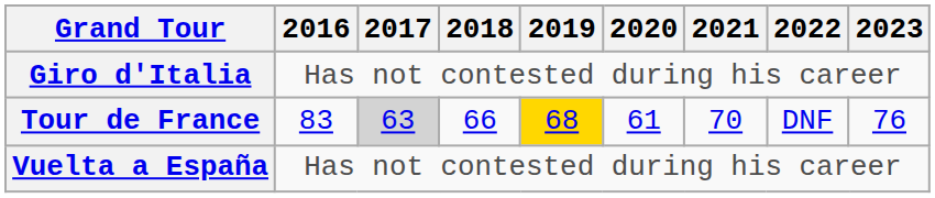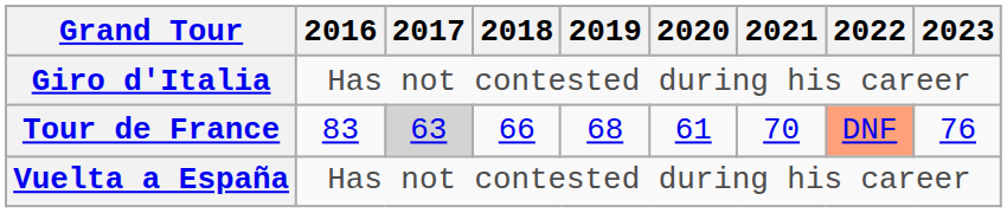 <table class="wikitable plainrowheaders">
 <tr>
 <th scope="col"><a href='#'>Grand Tour</a></th>
 <th scope="col">2016</th>
 <th scope="col">2017</th>
 <th scope="col">2018</th>
 <th scope="col">2019</th>
 <th scope="col">2020</th>
 <th scope="col">2021</th>
 <th scope="col">2022</th>
 <th scope="col">2023</th>
 </tr>
 <tr style="text-align:center;">
 <th scope="row"> <a href='#'>Giro d'Italia</a></th>
 <td style="color:#4d4d4d;" colspan=8>Has not contested during his career</td>
 </tr>
 <tr style="text-align:center;">
 <th scope="row"> <a href='#'>Tour de France</a></th>
 <td><a href='#'>83</a></td>
 <td style="background: lightgrey;"><a href='#'>63</a></td>
 <td><a href='#'>66</a></td>
-<td style="background: gold;"><a href='#'>68</a></td>
+<td><a href='#'>68</a></td>
 <td><a href='#'>61</a></td>
 <td><a href='#'>70</a></td>
-<td><a href='#'>DNF</a></td>
+<td style="background: lightsalmon;"><a href='#'>DNF</a></td>
 <td><a href='#'>76</a></td>
 </tr>
 <tr style="text-align:center;">
 <th scope="row"> <a href='#'>Vuelta a España</a></th>
 <td style="color:#4d4d4d;" colspan=8>Has not contested during his career</td>
 </tr>
 </table>
